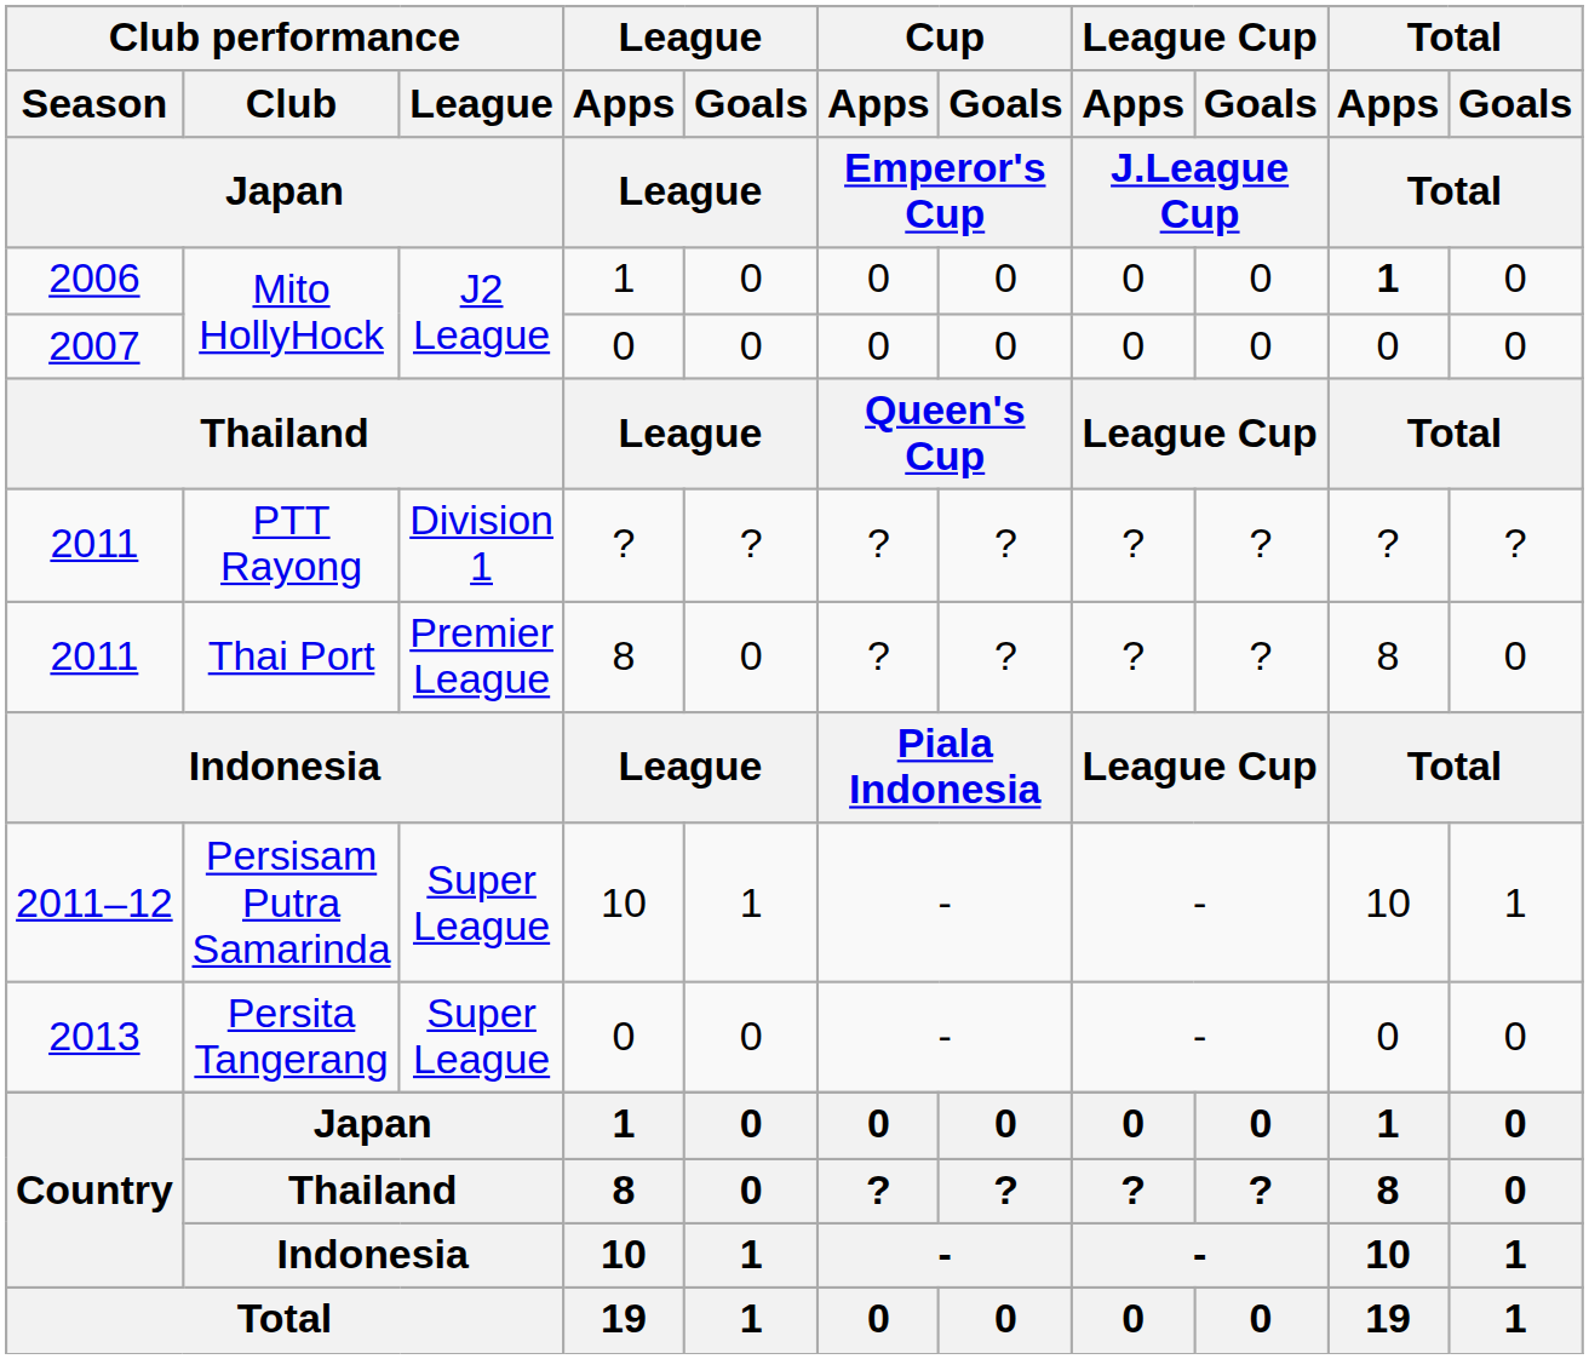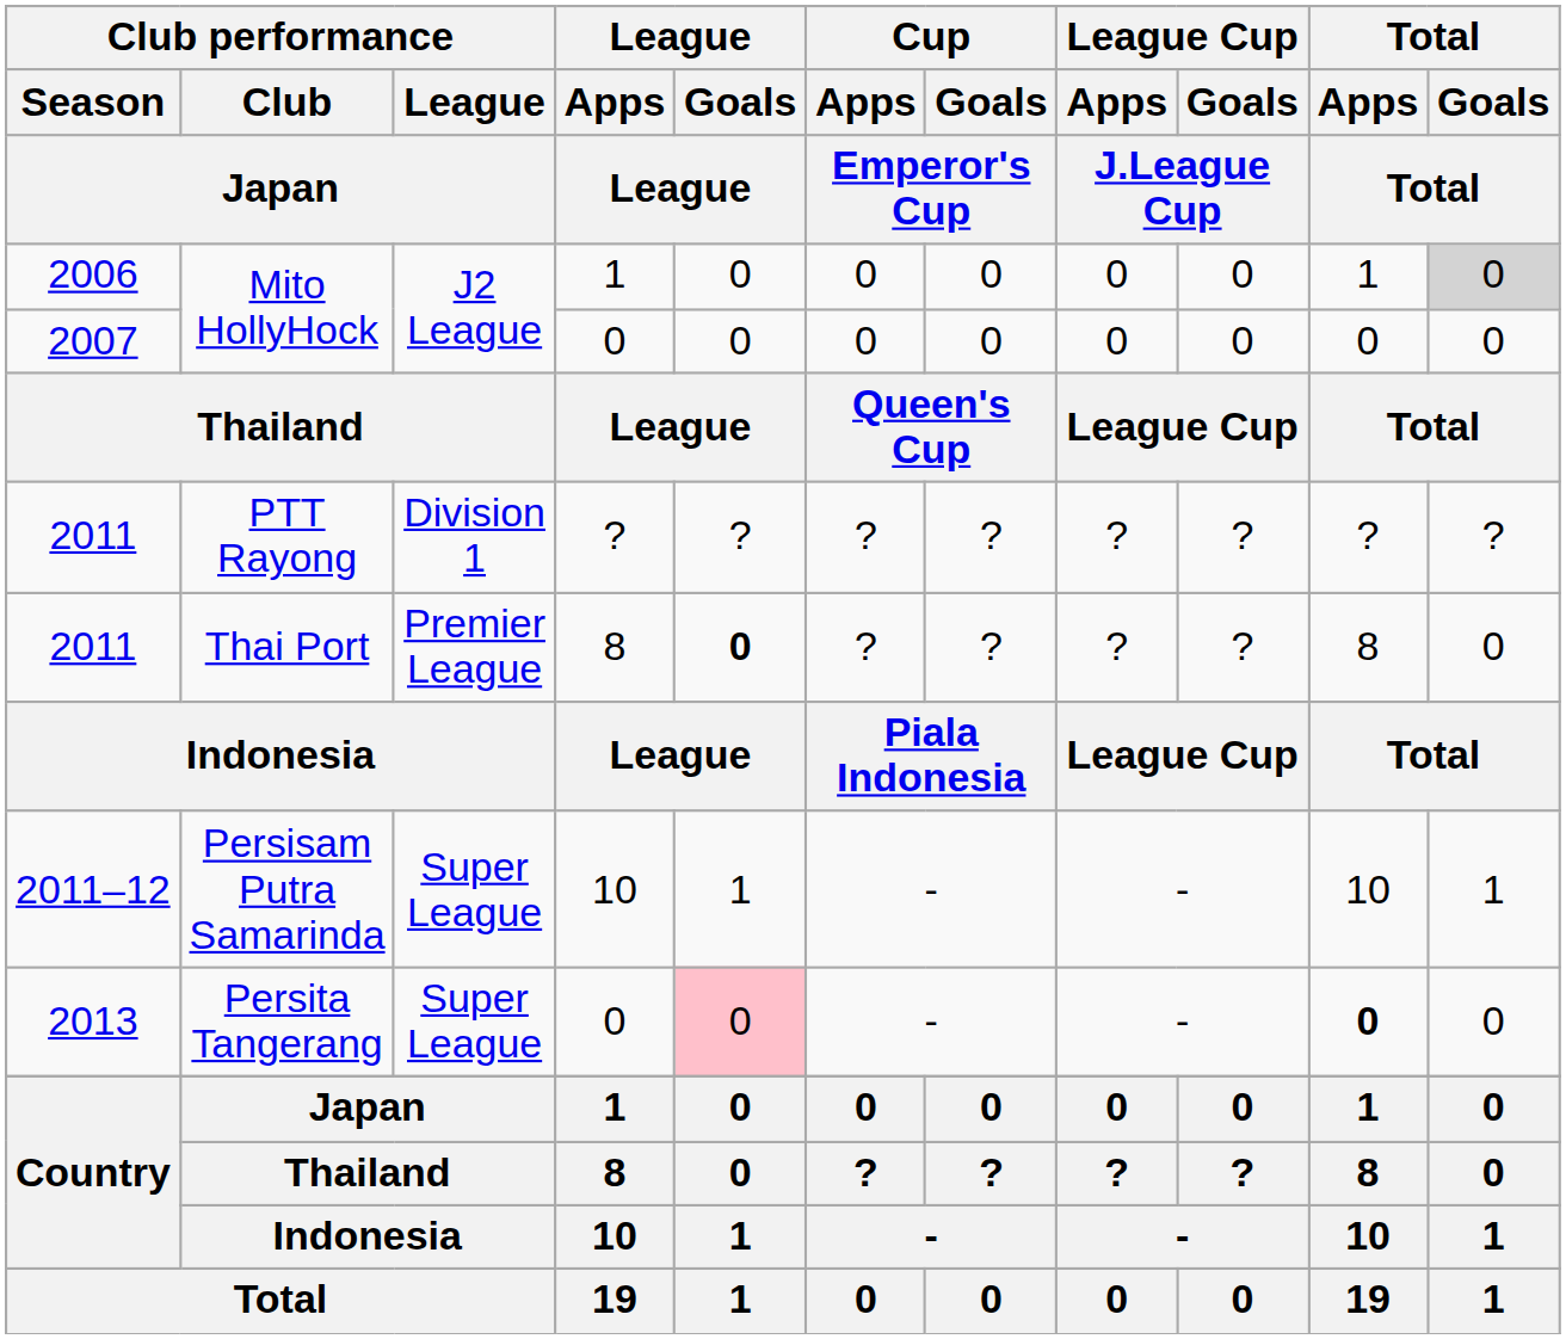 <table class="wikitable" style="text-align:center;">
 <tr>
 <th colspan=3>Club performance</th>
 <th colspan=2>League</th>
 <th colspan=2>Cup</th>
 <th colspan=2>League Cup</th>
 <th colspan=2>Total</th>
 </tr>
 <tr>
 <th>Season</th>
 <th>Club</th>
 <th>League</th>
 <th>Apps</th>
 <th>Goals</th>
 <th>Apps</th>
 <th>Goals</th>
 <th>Apps</th>
 <th>Goals</th>
 <th>Apps</th>
 <th>Goals</th>
 </tr>
 <tr>
 <th colspan=3>Japan</th>
 <th colspan=2>League</th>
 <th colspan=2><a href='#'>Emperor's Cup</a></th>
 <th colspan=2><a href='#'>J.League Cup</a></th>
 <th colspan=2>Total</th>
 </tr>
 <tr>
 <td><a href='#'>2006</a></td>
 <td rowspan="2"><a href='#'>Mito HollyHock</a></td>
 <td rowspan="2"><a href='#'>J2 League</a></td>
 <td>1</td>
 <td>0</td>
 <td>0</td>
 <td>0</td>
 <td>0</td>
 <td>0</td>
-<td><strong>1</strong></td>
-<td>0</td>
+<td>1</td>
+<td style="background: lightgrey;">0</td>
 </tr>
 <tr>
 <td><a href='#'>2007</a></td>
 <td>0</td>
 <td>0</td>
 <td>0</td>
 <td>0</td>
 <td>0</td>
 <td>0</td>
 <td>0</td>
 <td>0</td>
 </tr>
 <tr>
 <th colspan=3>Thailand</th>
 <th colspan=2>League</th>
 <th colspan=2><a href='#'>Queen's Cup</a></th>
 <th colspan=2>League Cup</th>
 <th colspan=2>Total</th>
 </tr>
 <tr>
 <td><a href='#'>2011</a></td>
 <td><a href='#'>PTT Rayong</a></td>
 <td><a href='#'>Division 1</a></td>
 <td>?</td>
 <td>?</td>
 <td>?</td>
 <td>?</td>
 <td>?</td>
 <td>?</td>
 <td>?</td>
 <td>?</td>
 </tr>
 <tr>
 <td><a href='#'>2011</a></td>
 <td><a href='#'>Thai Port</a></td>
 <td><a href='#'>Premier League</a></td>
 <td>8</td>
-<td>0</td>
+<td><strong>0</strong></td>
 <td>?</td>
 <td>?</td>
 <td>?</td>
 <td>?</td>
 <td>8</td>
 <td>0</td>
 </tr>
 <tr>
 <th colspan=3>Indonesia</th>
 <th colspan=2>League</th>
 <th colspan=2><a href='#'>Piala Indonesia</a></th>
 <th colspan=2>League Cup</th>
 <th colspan=2>Total</th>
 </tr>
 <tr>
 <td><a href='#'>2011–12</a></td>
 <td><a href='#'>Persisam Putra Samarinda</a></td>
 <td><a href='#'>Super League</a></td>
 <td>10</td>
 <td>1</td>
 <td colspan="2">-</td>
 <td colspan="2">-</td>
 <td>10</td>
 <td>1</td>
 </tr>
 <tr>
 <td><a href='#'>2013</a></td>
 <td><a href='#'>Persita Tangerang</a></td>
 <td><a href='#'>Super League</a></td>
 <td>0</td>
-<td>0</td>
+<td style="background: pink;">0</td>
 <td colspan="2">-</td>
 <td colspan="2">-</td>
-<td>0</td>
+<td><strong>0</strong></td>
 <td>0</td>
 </tr>
 <tr>
 </tr>
 <tr>
 <th rowspan=3>Country</th>
 <th colspan=2>Japan</th>
 <th>1</th>
 <th>0</th>
 <th>0</th>
 <th>0</th>
 <th>0</th>
 <th>0</th>
 <th>1</th>
 <th>0</th>
 </tr>
 <tr>
 <th colspan=2>Thailand</th>
 <th>8</th>
 <th>0</th>
 <th>?</th>
 <th>?</th>
 <th>?</th>
 <th>?</th>
 <th>8</th>
 <th>0</th>
 </tr>
 <tr>
 <th colspan=2>Indonesia</th>
 <th>10</th>
 <th>1</th>
 <th colspan="2">-</th>
 <th colspan="2">-</th>
 <th>10</th>
 <th>1</th>
 </tr>
 <tr>
 <th colspan=3>Total</th>
 <th>19</th>
 <th>1</th>
 <th>0</th>
 <th>0</th>
 <th>0</th>
 <th>0</th>
 <th>19</th>
 <th>1</th>
 </tr>
 </table>
